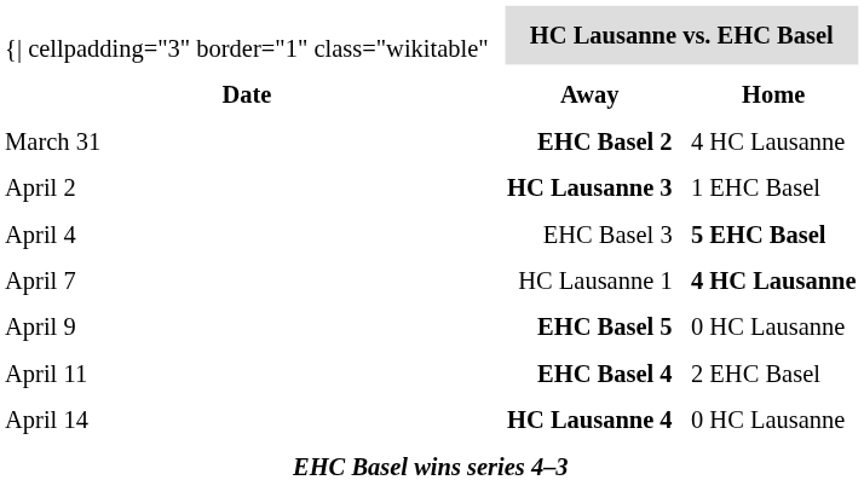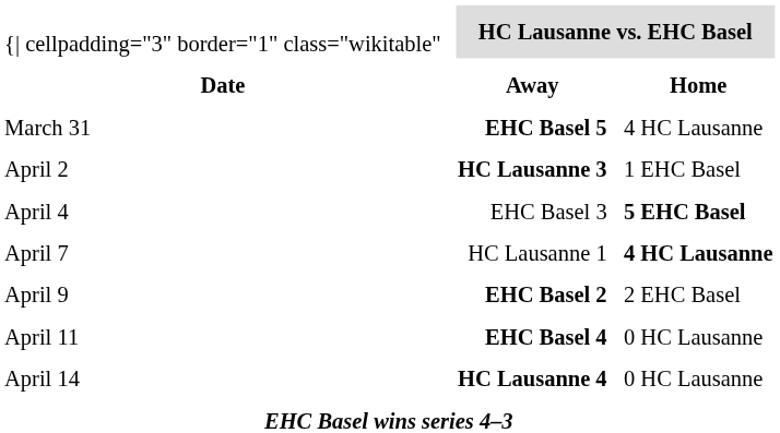 <table cellspacing="10">
 <tr>
 <td valign="top"><br>	{| cellpadding="3" border="1"  class="wikitable"</td>
 <th bgcolor="#DDDDDD" colspan="4">HC Lausanne vs. EHC Basel</th>
 </tr>
 <tr>
 <th>Date</th>
 <th>Away</th>
 <th>Home</th>
 </tr>
 <tr>
 <td>March 31</td>
-<td align = "right"><strong>EHC Basel 2</strong></td>
+<td align = "right"><strong>EHC Basel 5</strong></td>
 <td>4 HC Lausanne</td>
 </tr>
 <tr>
 <td>April 2</td>
 <td align = "right"><strong>HC Lausanne 3</strong></td>
 <td>1 EHC Basel</td>
 </tr>
 <tr>
 <td>April 4</td>
 <td align = "right">EHC Basel 3</td>
 <td><strong>5 EHC Basel</strong></td>
 </tr>
 <tr>
 <td>April 7</td>
 <td align = "right">HC Lausanne 1</td>
 <td><strong>4 HC Lausanne</strong></td>
 </tr>
 <tr>
 <td>April 9</td>
-<td align = "right"><strong>EHC Basel 5</strong></td>
-<td>0 HC Lausanne</td>
+<td align = "right"><strong>EHC Basel 2</strong></td>
+<td>2 EHC Basel</td>
 </tr>
 <tr>
 <td>April 11</td>
 <td align = "right"><strong>EHC Basel 4</strong></td>
-<td>2 EHC Basel</td>
+<td>0 HC Lausanne</td>
 </tr>
 <tr>
 <td>April 14</td>
 <td align = "right"><strong>HC Lausanne 4 </strong></td>
 <td>0 HC Lausanne</td>
 </tr>
 <tr align="center">
 <td colspan="4"><strong><em>EHC Basel wins series 4–3</em></strong></td>
 </tr>
 </table>
